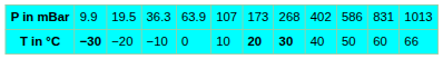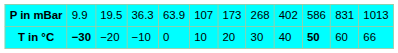 <table border="1" cellspacing="0" cellpadding="6" style="margin: 0 0 0 0.5em; background: cyan; border-collapse: collapse; border-color: #C0C090;">
 <tr>
 <th>P in mBar</th>
 <td>9.9</td>
 <td>19.5</td>
 <td>36.3</td>
 <td>63.9</td>
 <td>107</td>
 <td>173</td>
 <td>268</td>
 <td>402</td>
 <td>586</td>
 <td>831</td>
 <td>1013</td>
 </tr>
 <tr>
 <th>T in °C</th>
 <td><strong>−30</strong></td>
 <td>−20</td>
 <td>−10</td>
 <td>0</td>
 <td>10</td>
-<td><strong>20</strong></td>
-<td><strong>30</strong></td>
+<td>20</td>
+<td>30</td>
 <td>40</td>
-<td>50</td>
+<td><strong>50</strong></td>
 <td>60</td>
 <td>66</td>
 </tr>
 </table>
